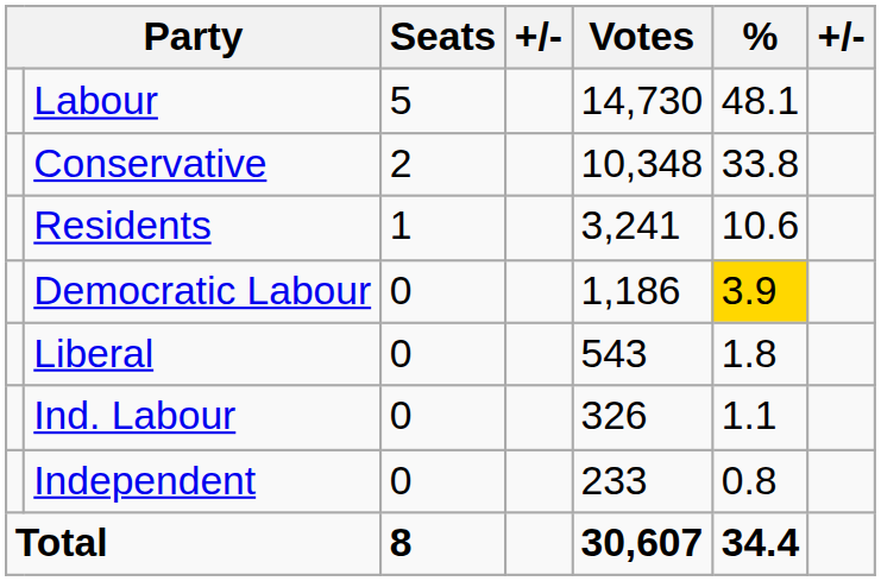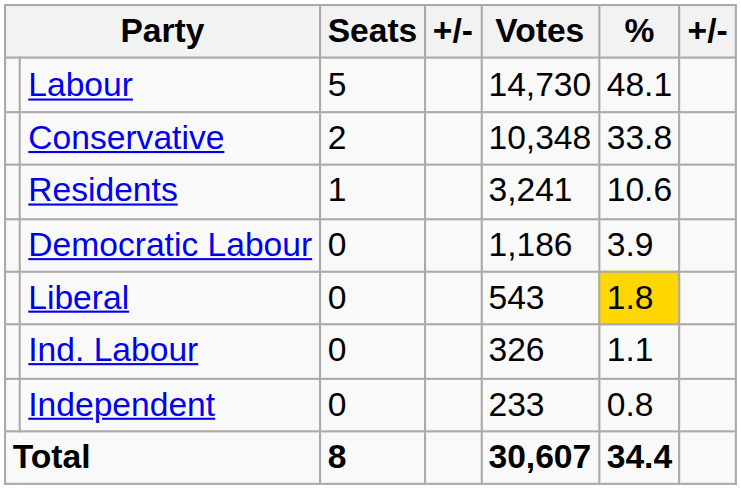 <table class="wikitable sortable">
 <tr>
 <th colspan="2">Party</th>
 <th>Seats</th>
 <th>+/-</th>
 <th>Votes</th>
 <th>%</th>
 <th>+/-</th>
 </tr>
 <tr>
 <td style="background-color: "></td>
 <td><a href='#'>Labour</a></td>
 <td>5</td>
 <td></td>
 <td>14,730</td>
 <td>48.1</td>
 <td></td>
 </tr>
 <tr>
 <td style="background-color: "></td>
 <td><a href='#'>Conservative</a></td>
 <td>2</td>
 <td></td>
 <td>10,348</td>
 <td>33.8</td>
 <td></td>
 </tr>
 <tr>
 <td style="background-color: "></td>
 <td><a href='#'>Residents</a></td>
 <td>1</td>
 <td></td>
 <td>3,241</td>
 <td>10.6</td>
 <td></td>
 </tr>
 <tr>
 <td style="background-color: "></td>
 <td><a href='#'>Democratic Labour</a></td>
 <td>0</td>
 <td></td>
 <td>1,186</td>
-<td style="background: gold;">3.9</td>
+<td>3.9</td>
 <td></td>
 </tr>
 <tr>
 <td style="background-color: "></td>
 <td><a href='#'>Liberal</a></td>
 <td>0</td>
 <td></td>
 <td>543</td>
-<td>1.8</td>
+<td style="background: gold;">1.8</td>
 <td></td>
 </tr>
 <tr>
 <td style="background-color: "></td>
 <td><a href='#'>Ind. Labour</a></td>
 <td>0</td>
 <td></td>
 <td>326</td>
 <td>1.1</td>
 <td></td>
 </tr>
 <tr>
 <td style="background-color: "></td>
 <td><a href='#'>Independent</a></td>
 <td>0</td>
 <td></td>
 <td>233</td>
 <td>0.8</td>
 <td></td>
 </tr>
 <tr>
 <td colspan="2"><strong>Total</strong></td>
 <td><strong>8</strong></td>
 <td></td>
 <td><strong>30,607</strong></td>
 <td><strong>34.4</strong></td>
 <td></td>
 </tr>
 </table>
